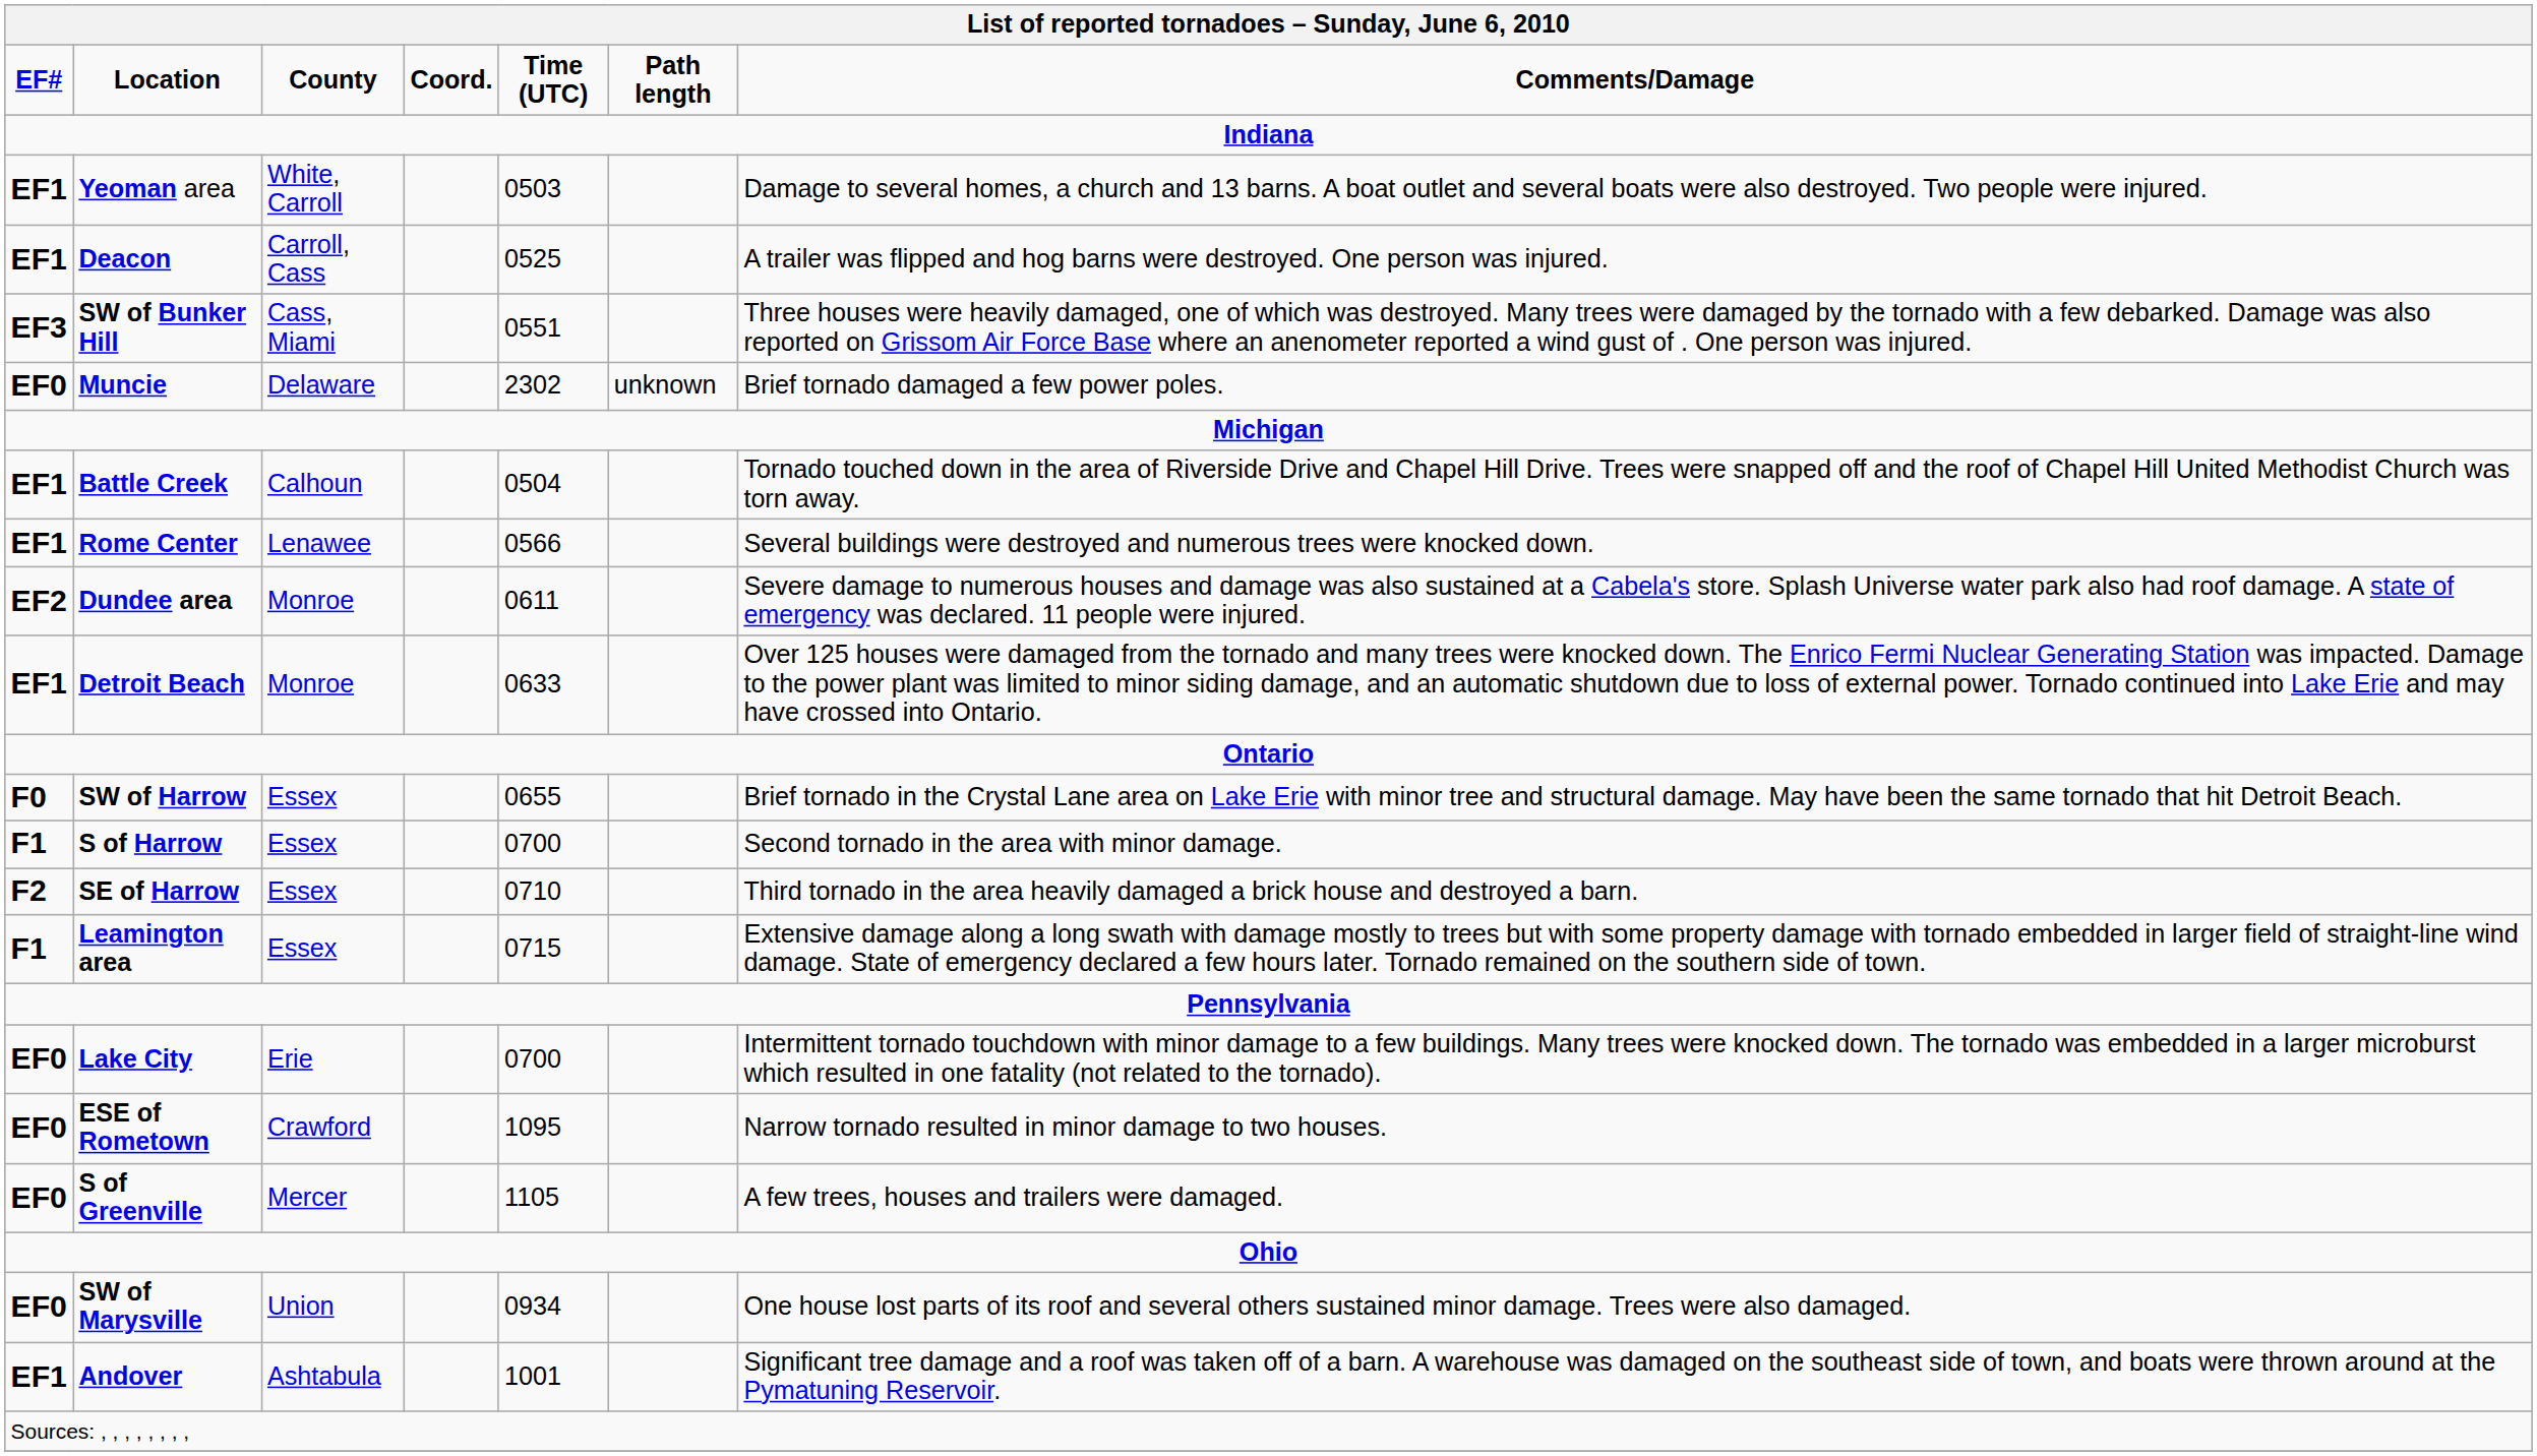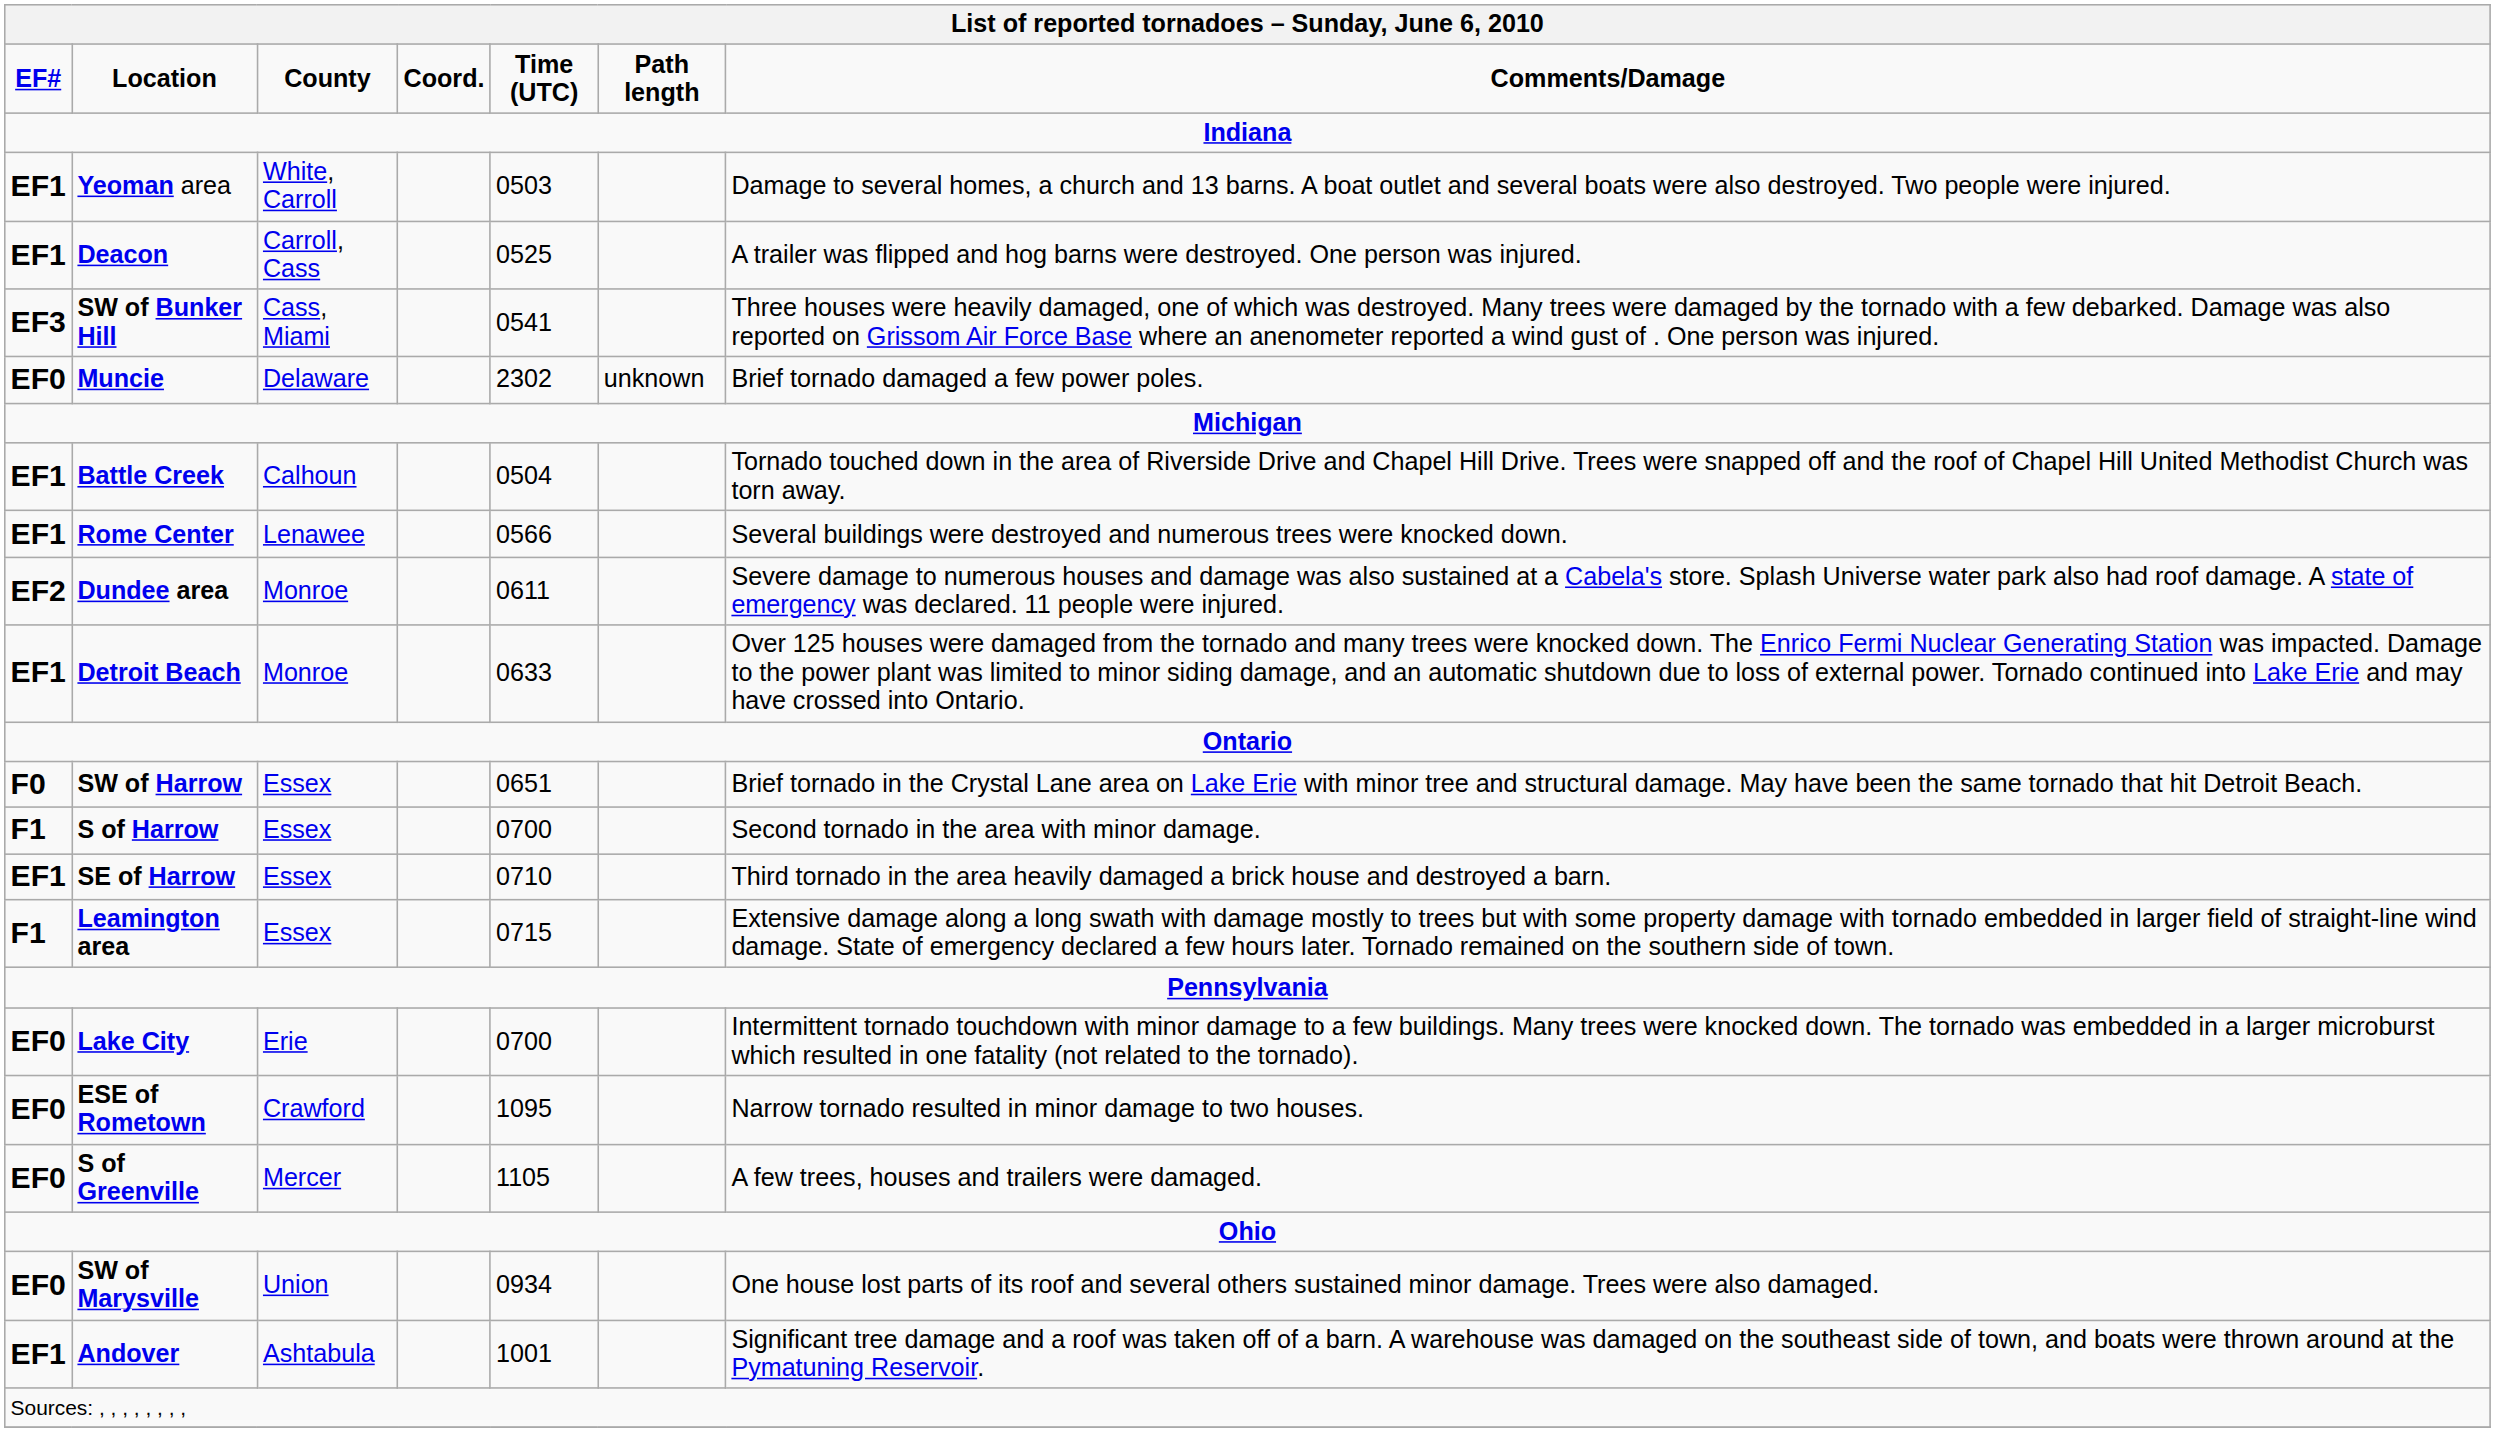 <table class="wikitable collapsible" width="100%">
 <tr>
 <th colspan="7">List of reported tornadoes – Sunday, June 6, 2010</th>
 </tr>
 <tr style="text-align:center;">
 <td><strong><a href='#'>EF#</a></strong></td>
 <td><strong>Location</strong></td>
 <td><strong>County</strong></td>
 <td><strong>Coord.</strong></td>
 <td><strong>Time (UTC)</strong></td>
 <td><strong>Path length</strong></td>
 <td><strong>Comments/Damage</strong></td>
 </tr>
 <tr>
 <td colspan="7" align=center><strong><a href='#'>Indiana</a></strong></td>
 </tr>
 <tr>
 <td><big><strong>EF1</strong></big></td>
 <td><strong><a href='#'>Yeoman</a></strong> area</td>
 <td><a href='#'>White</a>, <a href='#'>Carroll</a></td>
 <td></td>
 <td>0503</td>
 <td></td>
 <td>Damage to several homes, a church and 13 barns. A boat outlet and several boats were also destroyed. Two people were injured.</td>
 </tr>
 <tr>
 <td><big><strong>EF1</strong></big></td>
 <td><strong><a href='#'>Deacon</a></strong></td>
 <td><a href='#'>Carroll</a>, <a href='#'>Cass</a></td>
 <td></td>
 <td>0525</td>
 <td></td>
 <td>A trailer was flipped and hog barns were destroyed. One person was injured.</td>
 </tr>
 <tr>
 <td><big><strong>EF3</strong></big></td>
 <td><strong>SW of <a href='#'>Bunker Hill</a></strong></td>
 <td><a href='#'>Cass</a>, <a href='#'>Miami</a></td>
 <td></td>
-<td>0551</td>
+<td>0541</td>
 <td></td>
 <td>Three houses were heavily damaged, one of which was destroyed. Many trees were damaged by the tornado with a few debarked. Damage was also reported on <a href='#'>Grissom Air Force Base</a> where an anenometer reported a wind gust of . One person was injured.</td>
 </tr>
 <tr>
 <td><big><strong>EF0</strong></big></td>
 <td><strong><a href='#'>Muncie</a></strong></td>
 <td><a href='#'>Delaware</a></td>
 <td></td>
 <td>2302</td>
 <td>unknown</td>
 <td>Brief tornado damaged a few power poles.</td>
 </tr>
 <tr>
 <td colspan="7" align=center><strong><a href='#'>Michigan</a></strong></td>
 </tr>
 <tr>
 <td><big><strong>EF1</strong></big></td>
 <td><strong><a href='#'>Battle Creek</a></strong></td>
 <td><a href='#'>Calhoun</a></td>
 <td></td>
 <td>0504</td>
 <td></td>
 <td>Tornado touched down in the area of Riverside Drive and Chapel Hill Drive. Trees were snapped off and the roof of Chapel Hill United Methodist Church was torn away.</td>
 </tr>
 <tr>
 <td><big><strong>EF1</strong></big></td>
 <td><strong><a href='#'>Rome Center</a></strong></td>
 <td><a href='#'>Lenawee</a></td>
 <td></td>
 <td>0566</td>
 <td></td>
 <td>Several buildings were destroyed and numerous trees were knocked down.</td>
 </tr>
 <tr>
 <td><big><strong>EF2</strong></big></td>
 <td><strong><a href='#'>Dundee</a> area</strong></td>
 <td><a href='#'>Monroe</a></td>
 <td></td>
 <td>0611</td>
 <td></td>
 <td>Severe damage to numerous houses and damage was also sustained at a <a href='#'>Cabela's</a> store. Splash Universe water park also had roof damage. A <a href='#'>state of emergency</a> was declared. 11 people were injured.</td>
 </tr>
 <tr>
 <td><big><strong>EF1</strong></big></td>
 <td><strong><a href='#'>Detroit Beach</a></strong></td>
 <td><a href='#'>Monroe</a></td>
 <td></td>
 <td>0633</td>
 <td></td>
 <td>Over 125 houses were damaged from the tornado and many trees were knocked down. The <a href='#'>Enrico Fermi Nuclear Generating Station</a> was impacted. Damage to the power plant was limited to minor siding damage, and an automatic shutdown due to loss of external power. Tornado continued into <a href='#'>Lake Erie</a> and may have crossed into Ontario.</td>
 </tr>
 <tr>
 <td colspan="7" style="text-align:center;"><strong><a href='#'>Ontario</a></strong></td>
 </tr>
 <tr>
 <td><big><strong>F0</strong></big></td>
 <td><strong>SW of <a href='#'>Harrow</a></strong></td>
 <td><a href='#'>Essex</a></td>
 <td></td>
-<td>0655</td>
+<td>0651</td>
 <td></td>
 <td>Brief tornado in the Crystal Lane area on <a href='#'>Lake Erie</a> with minor tree and structural damage. May have been the same tornado that hit Detroit Beach.</td>
 </tr>
 <tr>
 <td><big><strong>F1</strong></big></td>
 <td><strong>S of <a href='#'>Harrow</a></strong></td>
 <td><a href='#'>Essex</a></td>
 <td></td>
 <td>0700</td>
 <td></td>
 <td>Second tornado in the area with minor damage.</td>
 </tr>
 <tr>
-<td><big><strong>F2</strong></big></td>
+<td><big><strong>EF1</strong></big></td>
 <td><strong>SE of <a href='#'>Harrow</a></strong></td>
 <td><a href='#'>Essex</a></td>
 <td></td>
 <td>0710</td>
 <td></td>
 <td>Third tornado in the area heavily damaged a brick house and destroyed a barn.</td>
 </tr>
 <tr>
 <td><big><strong>F1</strong></big></td>
 <td><strong><a href='#'>Leamington</a> area</strong></td>
 <td><a href='#'>Essex</a></td>
 <td></td>
 <td>0715</td>
 <td></td>
 <td>Extensive damage along a long swath with damage mostly to trees but with some property damage with tornado embedded in larger field of straight-line wind damage. State of emergency declared a few hours later. Tornado remained on the southern side of town.</td>
 </tr>
 <tr>
 <td colspan="7" align=center><strong><a href='#'>Pennsylvania</a></strong></td>
 </tr>
 <tr>
 <td><big><strong>EF0</strong></big></td>
 <td><strong><a href='#'>Lake City</a></strong></td>
 <td><a href='#'>Erie</a></td>
 <td></td>
 <td>0700</td>
 <td></td>
 <td>Intermittent tornado touchdown with minor damage to a few buildings. Many trees were knocked down. The tornado was embedded in a larger microburst which resulted in one fatality (not related to the tornado).</td>
 </tr>
 <tr>
 <td><big><strong>EF0</strong></big></td>
 <td><strong>ESE of <a href='#'>Rometown</a></strong></td>
 <td><a href='#'>Crawford</a></td>
 <td></td>
 <td>1095</td>
 <td></td>
 <td>Narrow tornado resulted in minor damage to two houses.</td>
 </tr>
 <tr>
 <td><big><strong>EF0</strong></big></td>
 <td><strong>S of <a href='#'>Greenville</a></strong></td>
 <td><a href='#'>Mercer</a></td>
 <td></td>
 <td>1105</td>
 <td></td>
 <td>A few trees, houses and trailers were damaged.</td>
 </tr>
 <tr>
 <td colspan="7" align=center><strong><a href='#'>Ohio</a></strong></td>
 </tr>
 <tr>
 <td><big><strong>EF0</strong></big></td>
 <td><strong>SW of <a href='#'>Marysville</a></strong></td>
 <td><a href='#'>Union</a></td>
 <td></td>
 <td>0934</td>
 <td></td>
 <td>One house lost parts of its roof and several others sustained minor damage. Trees were also damaged.</td>
 </tr>
 <tr>
 <td><big><strong>EF1</strong></big></td>
 <td><strong><a href='#'>Andover</a></strong></td>
 <td><a href='#'>Ashtabula</a></td>
 <td></td>
 <td>1001</td>
 <td></td>
 <td>Significant tree damage and a roof was taken off of a barn. A warehouse was damaged on the southeast side of town, and boats were thrown around at the <a href='#'>Pymatuning Reservoir</a>.</td>
 </tr>
 <tr>
 <td colspan="7"><small>Sources: , , , , , , , , </small></td>
 </tr>
 <tr>
 </tr>
 </table>
